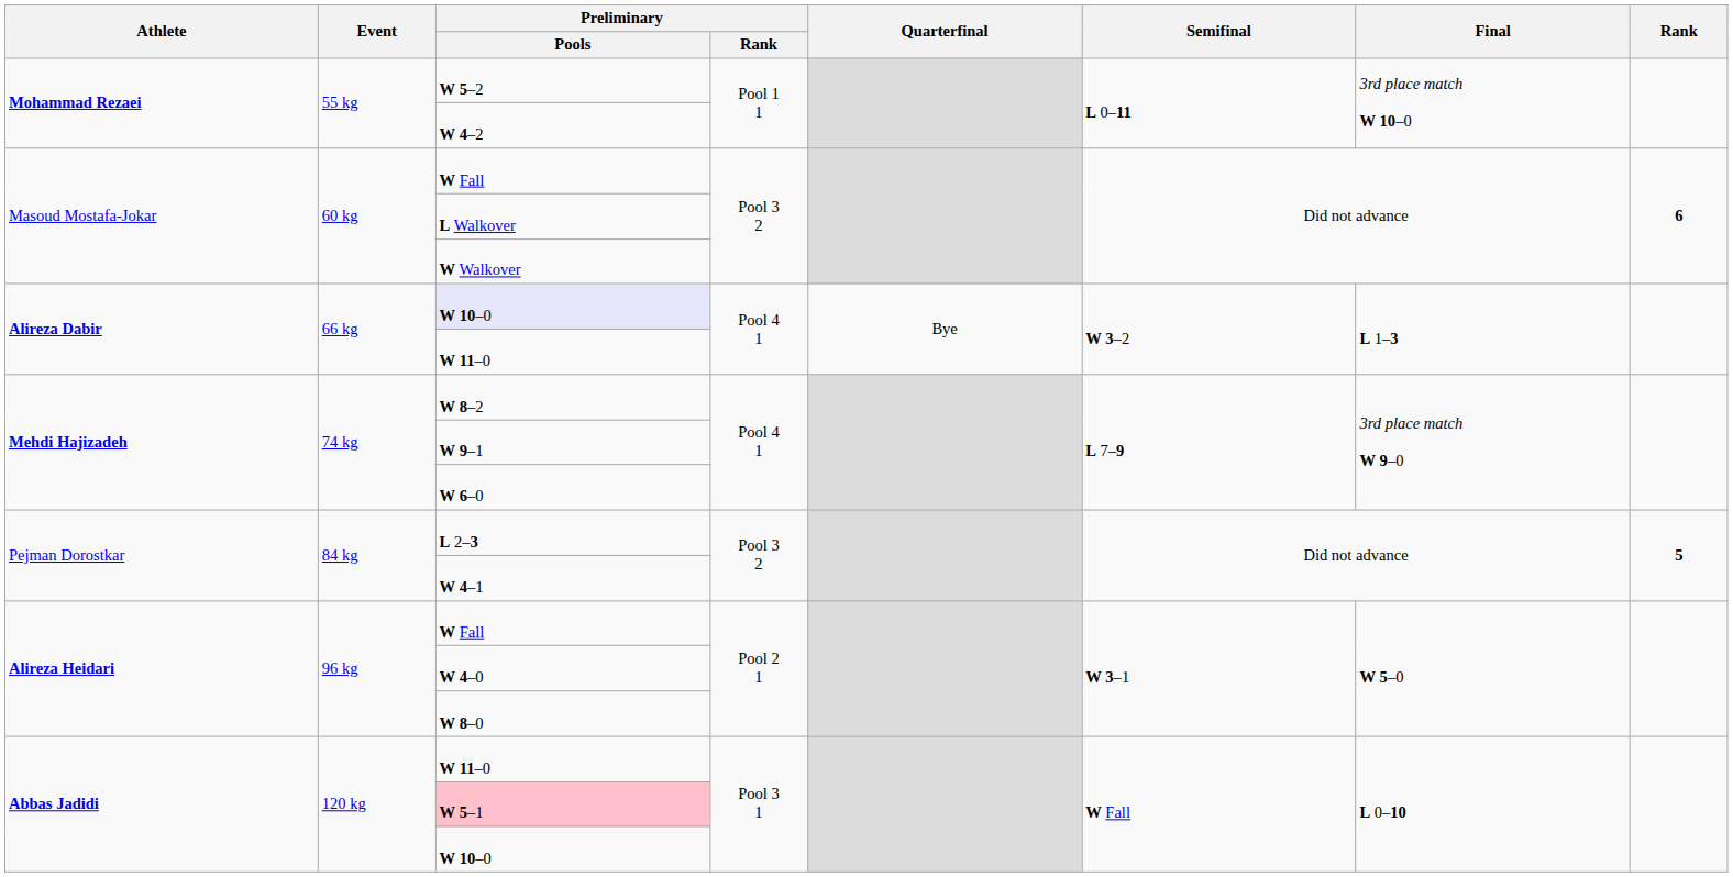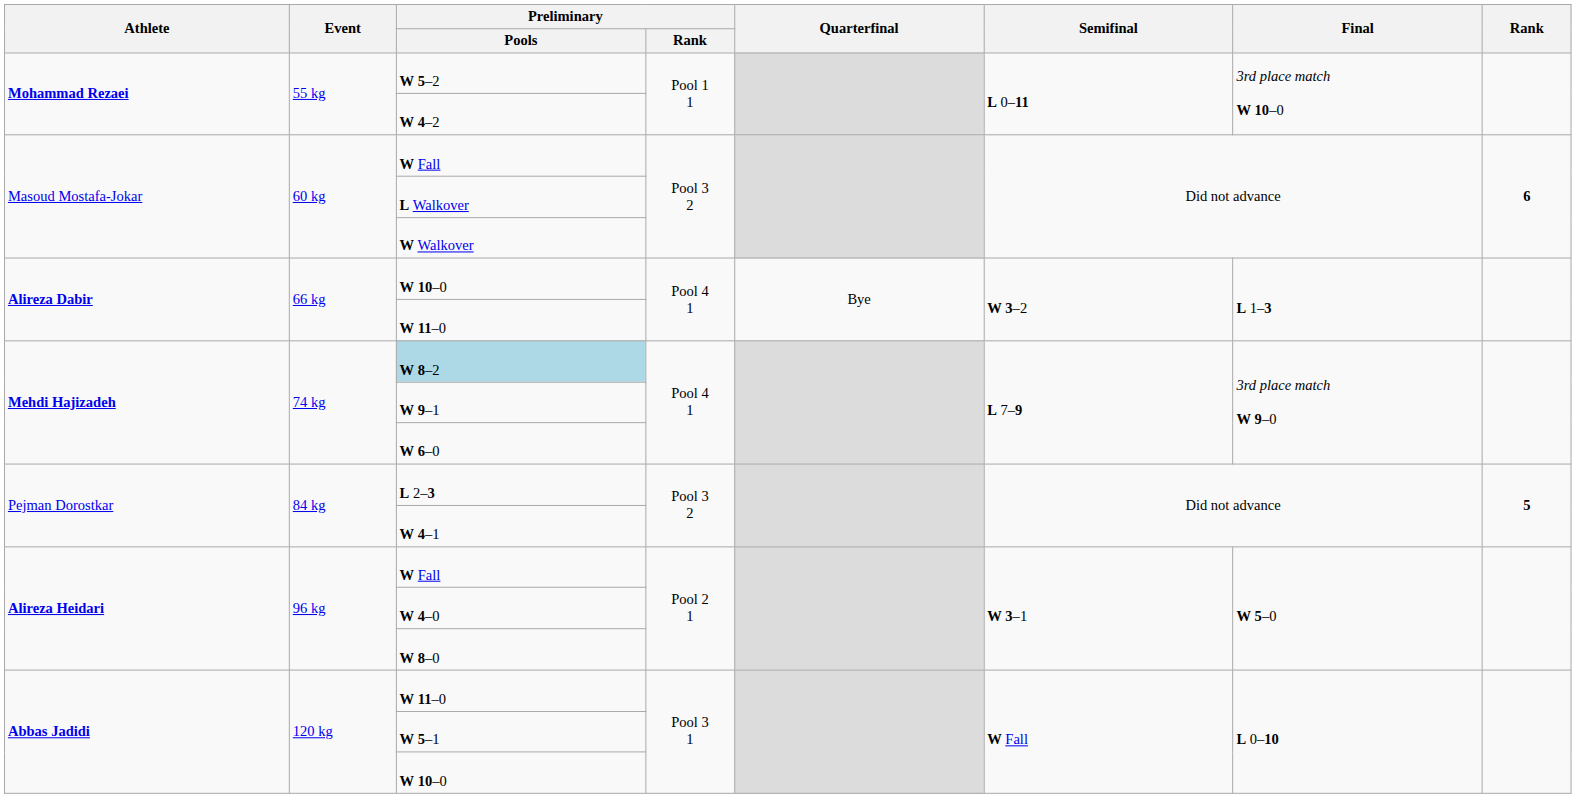 <table class="wikitable" width="98%" style="text-align:left; font-size:90%">
 <tr>
 <th rowspan="2" width="16%">Athlete</th>
 <th rowspan="2" width="6%">Event</th>
 <th colspan="2">Preliminary</th>
 <th rowspan="2" width="14%">Quarterfinal</th>
 <th rowspan="2" width="14%">Semifinal</th>
 <th rowspan="2" width="14%">Final</th>
 <th rowspan="2" width="5%">Rank</th>
 </tr>
 <tr>
 <th width="14%">Pools</th>
 <th width="5%">Rank</th>
 </tr>
 <tr>
 <td rowspan="2"><strong><a href='#'>Mohammad Rezaei</a></strong></td>
 <td rowspan="2"><a href='#'>55 kg</a></td>
 <td><br><strong>W</strong> <strong>5</strong>–2</td>
 <td rowspan="2" align=center>Pool 1<br>1 <strong></strong></td>
 <td rowspan="2" bgcolor=#DCDCDC></td>
 <td rowspan="2"><br><strong>L</strong> 0–<strong>11</strong></td>
 <td rowspan="2"><em>3rd place match</em><br><br><strong>W</strong> <strong>10</strong>–0</td>
 <td rowspan="2" align="center"></td>
 </tr>
 <tr>
 <td><br><strong>W</strong> <strong>4</strong>–2</td>
 </tr>
 <tr>
 <td rowspan="3"><a href='#'>Masoud Mostafa-Jokar</a></td>
 <td rowspan="3"><a href='#'>60 kg</a></td>
 <td><br><strong>W</strong> <a href='#'>Fall</a></td>
 <td rowspan="3" align=center>Pool 3<br>2</td>
 <td rowspan="3" bgcolor=#DCDCDC></td>
 <td rowspan="3" colspan="2" align="center">Did not advance</td>
 <td rowspan="3" align="center"><strong>6</strong></td>
 </tr>
 <tr>
 <td><br><strong>L</strong> <a href='#'>Walkover</a></td>
 </tr>
 <tr>
 <td><br><strong>W</strong> <a href='#'>Walkover</a></td>
 </tr>
 <tr>
 <td rowspan="2"><strong><a href='#'>Alireza Dabir</a></strong></td>
 <td rowspan="2"><a href='#'>66 kg</a></td>
-<td style="background: lavender;"><br><strong>W</strong> <strong>10</strong>–0</td>
+<td><br><strong>W</strong> <strong>10</strong>–0</td>
 <td rowspan="2" align=center>Pool 4<br>1 <strong></strong></td>
 <td rowspan="2" align="center">Bye</td>
 <td rowspan="2"><br><strong>W</strong> <strong>3</strong>–2</td>
 <td rowspan="2"><br><strong>L</strong> 1–<strong>3</strong></td>
 <td rowspan="2" align="center"></td>
 </tr>
 <tr>
 <td><br><strong>W</strong> <strong>11</strong>–0</td>
 </tr>
 <tr>
 <td rowspan="3"><strong><a href='#'>Mehdi Hajizadeh</a></strong></td>
 <td rowspan="3"><a href='#'>74 kg</a></td>
-<td><br><strong>W</strong> <strong>8</strong>–2</td>
+<td style="background: lightblue;"><br><strong>W</strong> <strong>8</strong>–2</td>
 <td rowspan="3" align=center>Pool 4<br>1 <strong></strong></td>
 <td rowspan="3" bgcolor=#DCDCDC></td>
 <td rowspan="3"><br><strong>L</strong> 7–<strong>9</strong></td>
 <td rowspan="3"><em>3rd place match</em><br><br><strong>W</strong> <strong>9</strong>–0</td>
 <td rowspan="3" align="center"></td>
 </tr>
 <tr>
 <td><br><strong>W</strong> <strong>9</strong>–1</td>
 </tr>
 <tr>
 <td><br><strong>W</strong> <strong>6</strong>–0</td>
 </tr>
 <tr>
 <td rowspan="2"><a href='#'>Pejman Dorostkar</a></td>
 <td rowspan="2"><a href='#'>84 kg</a></td>
 <td><br><strong>L</strong> 2–<strong>3</strong></td>
 <td rowspan="2" align=center>Pool 3<br>2</td>
 <td rowspan="2" bgcolor=#DCDCDC></td>
 <td rowspan="2" colspan="2" align="center">Did not advance</td>
 <td rowspan="2" align="center"><strong>5</strong></td>
 </tr>
 <tr>
 <td><br><strong>W</strong> <strong>4</strong>–1</td>
 </tr>
 <tr>
 <td rowspan="3"><strong><a href='#'>Alireza Heidari</a></strong></td>
 <td rowspan="3"><a href='#'>96 kg</a></td>
 <td><br><strong>W</strong> <a href='#'>Fall</a></td>
 <td rowspan="3" align=center>Pool 2<br>1 <strong></strong></td>
 <td rowspan="3" bgcolor=#DCDCDC></td>
 <td rowspan="3"><br><strong>W</strong> <strong>3</strong>–1</td>
 <td rowspan="3"><br><strong>W</strong> <strong>5</strong>–0</td>
 <td rowspan="3" align="center"></td>
 </tr>
 <tr>
 <td><br><strong>W</strong> <strong>4</strong>–0</td>
 </tr>
 <tr>
 <td><br><strong>W</strong> <strong>8</strong>–0</td>
 </tr>
 <tr>
 <td rowspan="3"><strong><a href='#'>Abbas Jadidi</a></strong></td>
 <td rowspan="3"><a href='#'>120 kg</a></td>
 <td><br><strong>W</strong> <strong>11</strong>–0</td>
 <td rowspan="3" align=center>Pool 3<br>1 <strong></strong></td>
 <td rowspan="3" bgcolor=#DCDCDC></td>
 <td rowspan="3"><br><strong>W</strong> <a href='#'>Fall</a></td>
 <td rowspan="3"><br><strong>L</strong> 0–<strong>10</strong></td>
 <td rowspan="3" align="center"></td>
 </tr>
 <tr>
-<td style="background: pink;"><br><strong>W</strong> <strong>5</strong>–1</td>
+<td><br><strong>W</strong> <strong>5</strong>–1</td>
 </tr>
 <tr>
 <td><br><strong>W</strong> <strong>10</strong>–0</td>
 </tr>
 </table>
